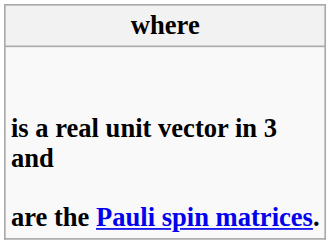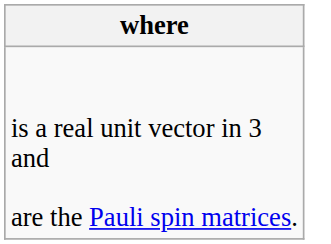 <table class="wikitable collapsible collapsed">
 <tr>
 <th>where</th>
 </tr>
 <tr>
-<td><strong><br><br> is a real unit vector in 3 <br> and<br><br>are the <a href='#'>Pauli spin matrices</a>.</strong></td>
+<td><br><br> is a real unit vector in 3 <br> and<br><br>are the <a href='#'>Pauli spin matrices</a>.</td>
 </tr>
 </table>
